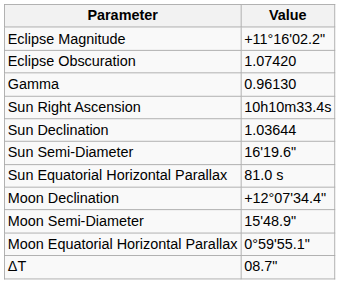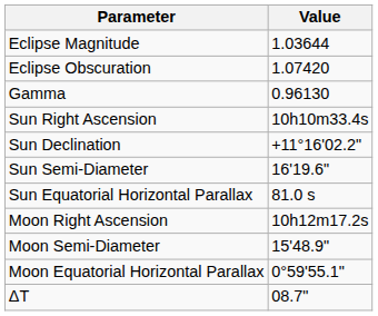 <table class="wikitable">
 <tr>
 <th>Parameter</th>
 <th>Value</th>
 </tr>
 <tr>
 <td>Eclipse Magnitude</td>
-<td>+11°16'02.2"</td>
+<td>1.03644</td>
 </tr>
 <tr>
 <td>Eclipse Obscuration</td>
 <td>1.07420</td>
 </tr>
 <tr>
 <td>Gamma</td>
 <td>0.96130</td>
 </tr>
 <tr>
 <td>Sun Right Ascension</td>
 <td>10h10m33.4s</td>
 </tr>
 <tr>
 <td>Sun Declination</td>
-<td>1.03644</td>
+<td>+11°16'02.2"</td>
 </tr>
 <tr>
 <td>Sun Semi-Diameter</td>
 <td>16'19.6"</td>
 </tr>
 <tr>
 <td>Sun Equatorial Horizontal Parallax</td>
 <td>81.0 s</td>
 </tr>
 <tr>
-<td>Moon Declination</td>
-<td>+12°07'34.4"</td>
+<td>Moon Right Ascension</td>
+<td>10h12m17.2s</td>
 </tr>
 <tr>
 <td>Moon Semi-Diameter</td>
 <td>15'48.9"</td>
 </tr>
 <tr>
 <td>Moon Equatorial Horizontal Parallax</td>
 <td>0°59'55.1"</td>
 </tr>
 <tr>
 <td>ΔT</td>
 <td>08.7"</td>
 </tr>
 </table>
